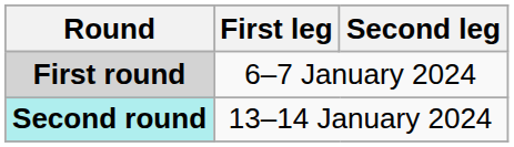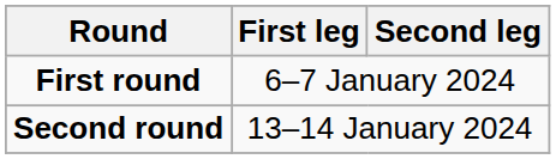 <table class=wikitable style="text-align:center; font-size:90%">
 <tr>
 <th>Round</th>
 <th>First leg</th>
 <th>Second leg</th>
 </tr>
 <tr>
-<td style="background: lightgrey;"><strong>First round</strong></td>
+<td><strong>First round</strong></td>
 <td colspan=2>6–7 January 2024</td>
 </tr>
 <tr>
-<td style="background: paleturquoise;"><strong>Second round</strong></td>
+<td><strong>Second round</strong></td>
 <td colspan=2>13–14 January 2024</td>
 </tr>
 </table>
